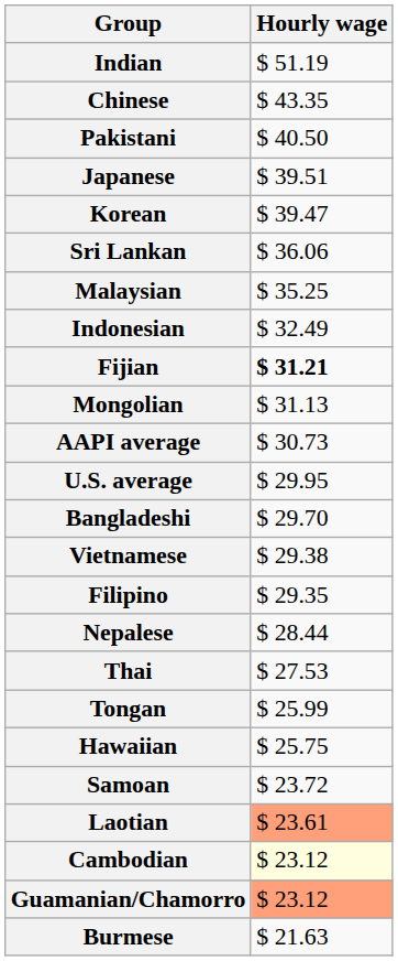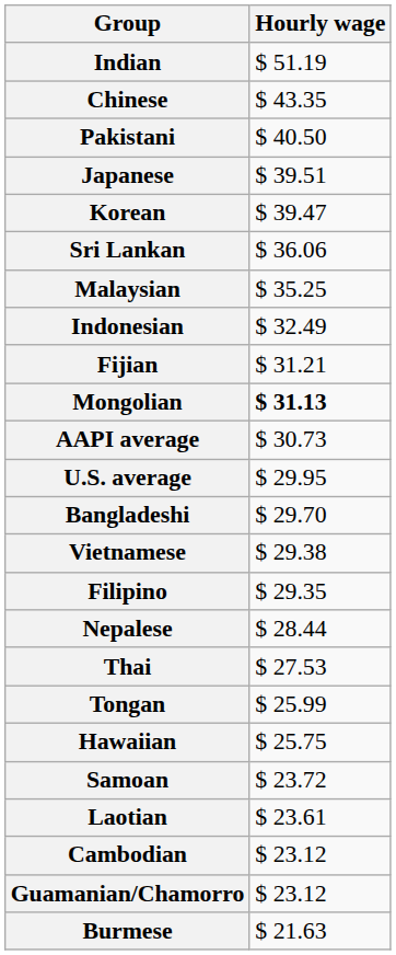 <table class="wikitable">
 <tr>
 <th>Group</th>
 <th>Hourly wage</th>
 </tr>
 <tr>
 <th>Indian</th>
 <td>$ 51.19</td>
 </tr>
 <tr>
 <th>Chinese</th>
 <td>$ 43.35</td>
 </tr>
 <tr>
 <th>Pakistani</th>
 <td>$ 40.50</td>
 </tr>
 <tr>
 <th>Japanese</th>
 <td>$ 39.51</td>
 </tr>
 <tr>
 <th>Korean</th>
 <td>$ 39.47</td>
 </tr>
 <tr>
 <th>Sri Lankan</th>
 <td>$ 36.06</td>
 </tr>
 <tr>
 <th>Malaysian</th>
 <td>$ 35.25</td>
 </tr>
 <tr>
 <th>Indonesian</th>
 <td>$ 32.49</td>
 </tr>
 <tr>
 <th>Fijian</th>
-<td><strong>$ 31.21</strong></td>
+<td>$ 31.21</td>
 </tr>
 <tr>
 <th>Mongolian</th>
-<td>$ 31.13</td>
+<td><strong>$ 31.13</strong></td>
 </tr>
 <tr>
 <th>AAPI average</th>
 <td>$ 30.73</td>
 </tr>
 <tr>
 <th>U.S. average</th>
 <td>$ 29.95</td>
 </tr>
 <tr>
 <th>Bangladeshi</th>
 <td>$ 29.70</td>
 </tr>
 <tr>
 <th>Vietnamese</th>
 <td>$ 29.38</td>
 </tr>
 <tr>
 <th>Filipino</th>
 <td>$ 29.35</td>
 </tr>
 <tr>
 <th>Nepalese</th>
 <td>$ 28.44</td>
 </tr>
 <tr>
 <th>Thai</th>
 <td>$ 27.53</td>
 </tr>
 <tr>
 <th>Tongan</th>
 <td>$ 25.99</td>
 </tr>
 <tr>
 <th>Hawaiian</th>
 <td>$ 25.75</td>
 </tr>
 <tr>
 <th>Samoan</th>
 <td>$ 23.72</td>
 </tr>
 <tr>
 <th>Laotian</th>
-<td style="background: lightsalmon;">$ 23.61</td>
+<td>$ 23.61</td>
 </tr>
 <tr>
 <th>Cambodian</th>
-<td style="background: lightyellow;">$ 23.12</td>
+<td>$ 23.12</td>
 </tr>
 <tr>
 <th>Guamanian/Chamorro</th>
-<td style="background: lightsalmon;">$ 23.12</td>
+<td>$ 23.12</td>
 </tr>
 <tr>
 <th>Burmese</th>
 <td>$ 21.63</td>
 </tr>
 </table>
